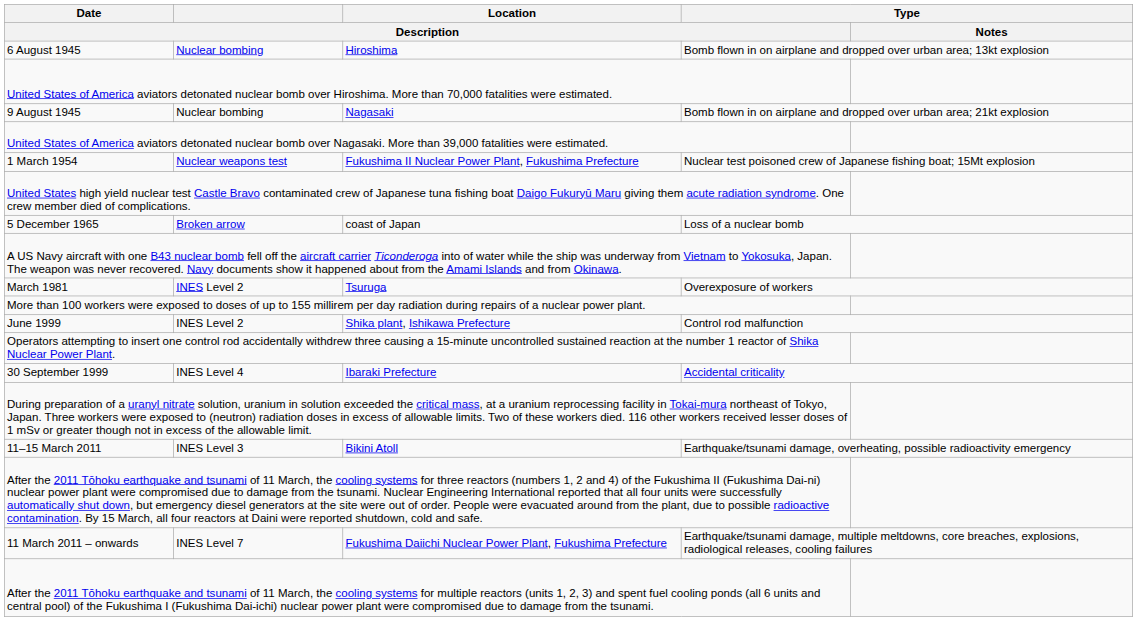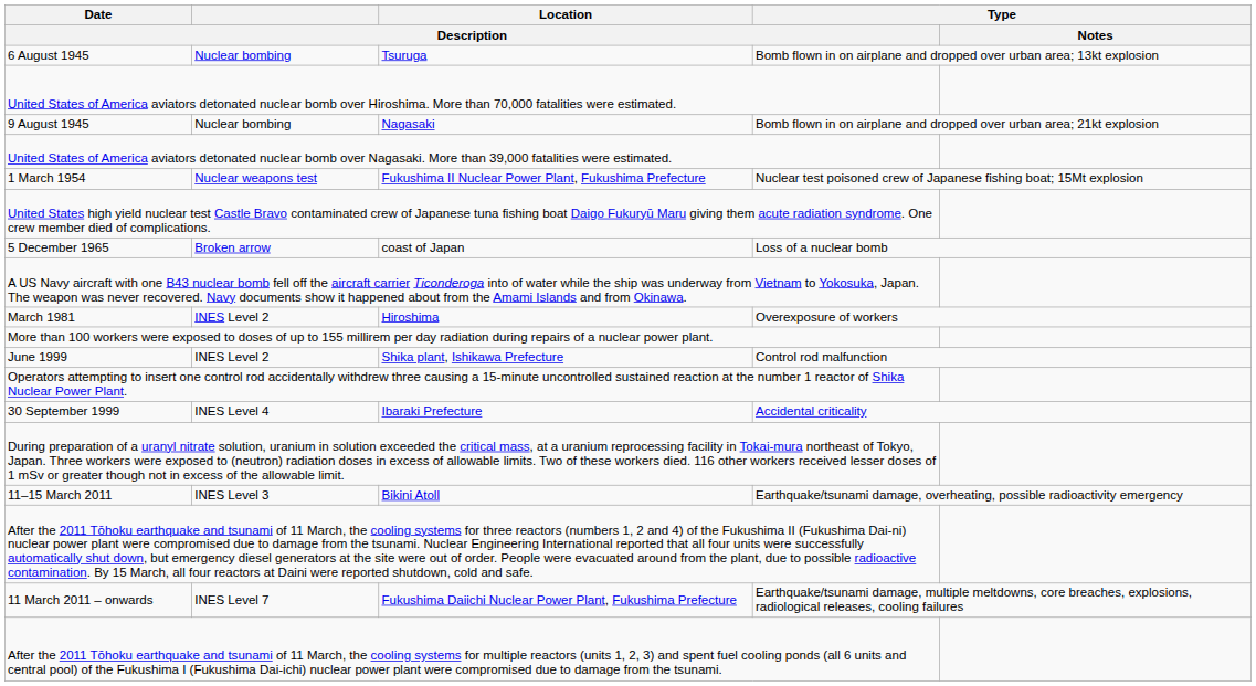 <table class=wikitable>
 <tr>
 <th width=15%>Date</th>
 <th width=15%></th>
 <th width=30%>Location</th>
 <th colspan=2>Type</th>
 </tr>
 <tr>
 <th colspan="4" style="width:75%;">Description</th>
 <th>Notes</th>
 </tr>
 <tr>
 <td>6 August 1945</td>
 <td><a href='#'>Nuclear bombing</a></td>
-<td><a href='#'>Hiroshima</a></td>
+<td><a href='#'>Tsuruga</a></td>
 <td colspan=2>Bomb flown in on airplane and dropped over urban area; 13kt explosion</td>
 </tr>
 <tr>
 <td colspan=4><br><br><a href='#'>United States of America</a> aviators detonated nuclear bomb over Hiroshima. More than 70,000 fatalities were estimated.</td>
 <td></td>
 </tr>
 <tr>
 <td>9 August 1945</td>
 <td>Nuclear bombing</td>
 <td><a href='#'>Nagasaki</a></td>
 <td colspan=2>Bomb flown in on airplane and dropped over urban area; 21kt explosion</td>
 </tr>
 <tr>
 <td colspan=4><br> <a href='#'>United States of America</a> aviators detonated nuclear bomb over Nagasaki. More than 39,000 fatalities were estimated.</td>
 <td></td>
 </tr>
 <tr>
 <td>1 March 1954</td>
 <td><a href='#'>Nuclear weapons test</a></td>
 <td><a href='#'>Fukushima II Nuclear Power Plant</a>, <a href='#'>Fukushima Prefecture</a></td>
 <td colspan=2>Nuclear test poisoned crew of Japanese fishing boat; 15Mt explosion</td>
 </tr>
 <tr>
 <td colspan=4><br> <a href='#'>United States</a> high yield nuclear test <a href='#'>Castle Bravo</a> contaminated crew of Japanese tuna fishing boat <a href='#'>Daigo Fukuryū Maru</a> giving them <a href='#'>acute radiation syndrome</a>. One crew member died of complications.</td>
 <td></td>
 </tr>
 <tr>
 <td>5 December 1965</td>
 <td><a href='#'>Broken arrow</a></td>
 <td>coast of Japan</td>
 <td colspan=2>Loss of a nuclear bomb</td>
 </tr>
 <tr>
 <td colspan=4><br>A US Navy aircraft with one <a href='#'>B43 nuclear bomb</a> fell off the <a href='#'>aircraft carrier</a> <a href='#'><em>Ticonderoga</em></a> into  of water while the ship was underway from <a href='#'>Vietnam</a> to <a href='#'>Yokosuka</a>, Japan. The weapon was never recovered. <a href='#'>Navy</a> documents show it happened about  from the <a href='#'>Amami Islands</a> and  from <a href='#'>Okinawa</a>.</td>
 <td></td>
 </tr>
 <tr>
 <td>March 1981</td>
 <td><a href='#'>INES</a> Level 2</td>
-<td><a href='#'>Tsuruga</a></td>
+<td><a href='#'>Hiroshima</a></td>
 <td colspan=2>Overexposure of workers</td>
 </tr>
 <tr>
 <td colspan=4>More than 100 workers were exposed to doses of up to 155 millirem per day radiation during repairs of a nuclear power plant.</td>
 <td></td>
 </tr>
 <tr>
 <td>June 1999</td>
 <td>INES Level 2</td>
 <td><a href='#'>Shika plant</a>, <a href='#'>Ishikawa Prefecture</a></td>
 <td colspan=2>Control rod malfunction</td>
 </tr>
 <tr>
 <td colspan=4>Operators attempting to insert one control rod accidentally withdrew three causing a 15-minute uncontrolled sustained reaction at the number 1 reactor of <a href='#'>Shika Nuclear Power Plant</a>.</td>
 <td></td>
 </tr>
 <tr>
 <td>30 September 1999</td>
 <td>INES Level 4</td>
 <td><a href='#'>Ibaraki Prefecture</a></td>
 <td colspan=2><a href='#'>Accidental criticality</a></td>
 </tr>
 <tr>
 <td colspan=4><br> During preparation of a <a href='#'>uranyl nitrate</a> solution, uranium in solution exceeded the <a href='#'>critical mass</a>, at a uranium reprocessing facility in <a href='#'>Tokai-mura</a> northeast of Tokyo, Japan. Three workers were exposed to (neutron) radiation doses in excess of allowable limits. Two of these workers died. 116 other workers received lesser doses of 1 mSv or greater though not in excess of the allowable limit.</td>
 <td></td>
 </tr>
 <tr>
 <td>11–15 March 2011</td>
 <td>INES Level 3</td>
 <td><a href='#'>Bikini Atoll</a></td>
 <td colspan=2>Earthquake/tsunami damage, overheating, possible radioactivity emergency</td>
 </tr>
 <tr>
 <td colspan=4><br> After the <a href='#'>2011 Tōhoku earthquake and tsunami</a> of 11 March, the <a href='#'>cooling systems</a> for three reactors (numbers 1, 2 and 4) of the Fukushima II (Fukushima Dai-ni) nuclear power plant were compromised due to damage from the tsunami. Nuclear Engineering International reported that all four units were successfully <a href='#'>automatically shut down</a>, but emergency diesel generators at the site were out of order. People were evacuated around  from the plant, due to possible <a href='#'>radioactive contamination</a>. By 15 March, all four reactors at Daini were reported shutdown, cold and safe.</td>
 <td></td>
 </tr>
 <tr>
 <td>11 March 2011 – onwards</td>
 <td>INES Level 7</td>
 <td><a href='#'>Fukushima Daiichi Nuclear Power Plant</a>, <a href='#'>Fukushima Prefecture</a></td>
 <td colspan=2>Earthquake/tsunami damage, multiple meltdowns, core breaches, explosions, radiological releases, cooling failures</td>
 </tr>
 <tr>
 <td colspan=4><br><br>After the <a href='#'>2011 Tōhoku earthquake and tsunami</a> of 11 March, the <a href='#'>cooling systems</a> for multiple reactors (units 1, 2, 3) and spent fuel cooling ponds (all 6 units and central pool) of the Fukushima I (Fukushima Dai-ichi) nuclear power plant were compromised due to damage from the tsunami.</td>
 <td></td>
 </tr>
 </table>
